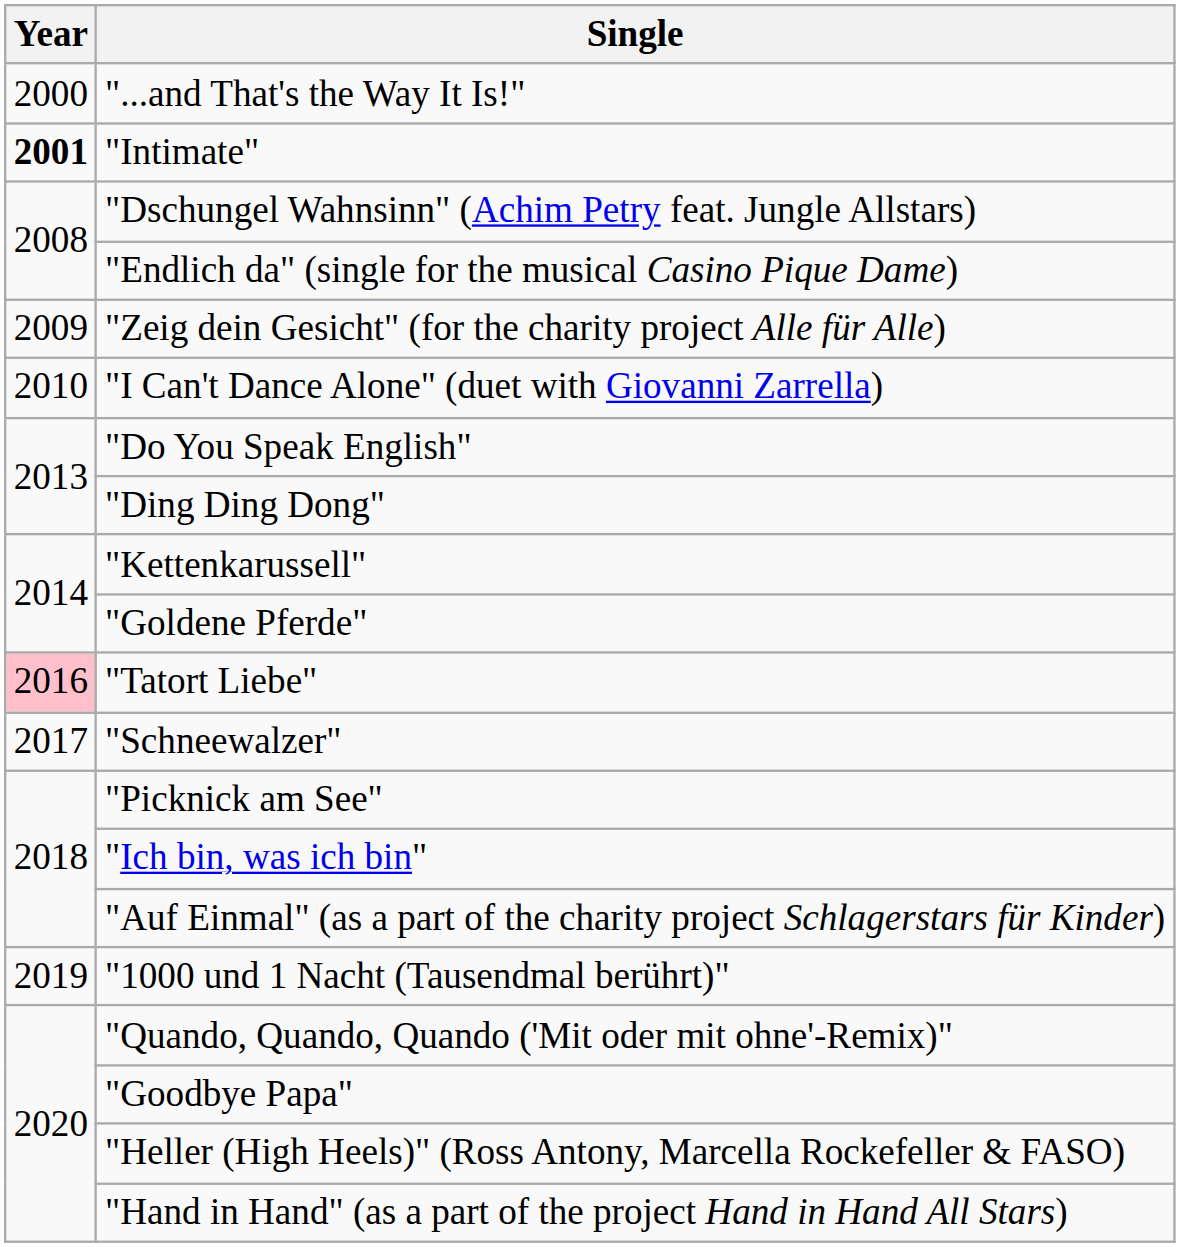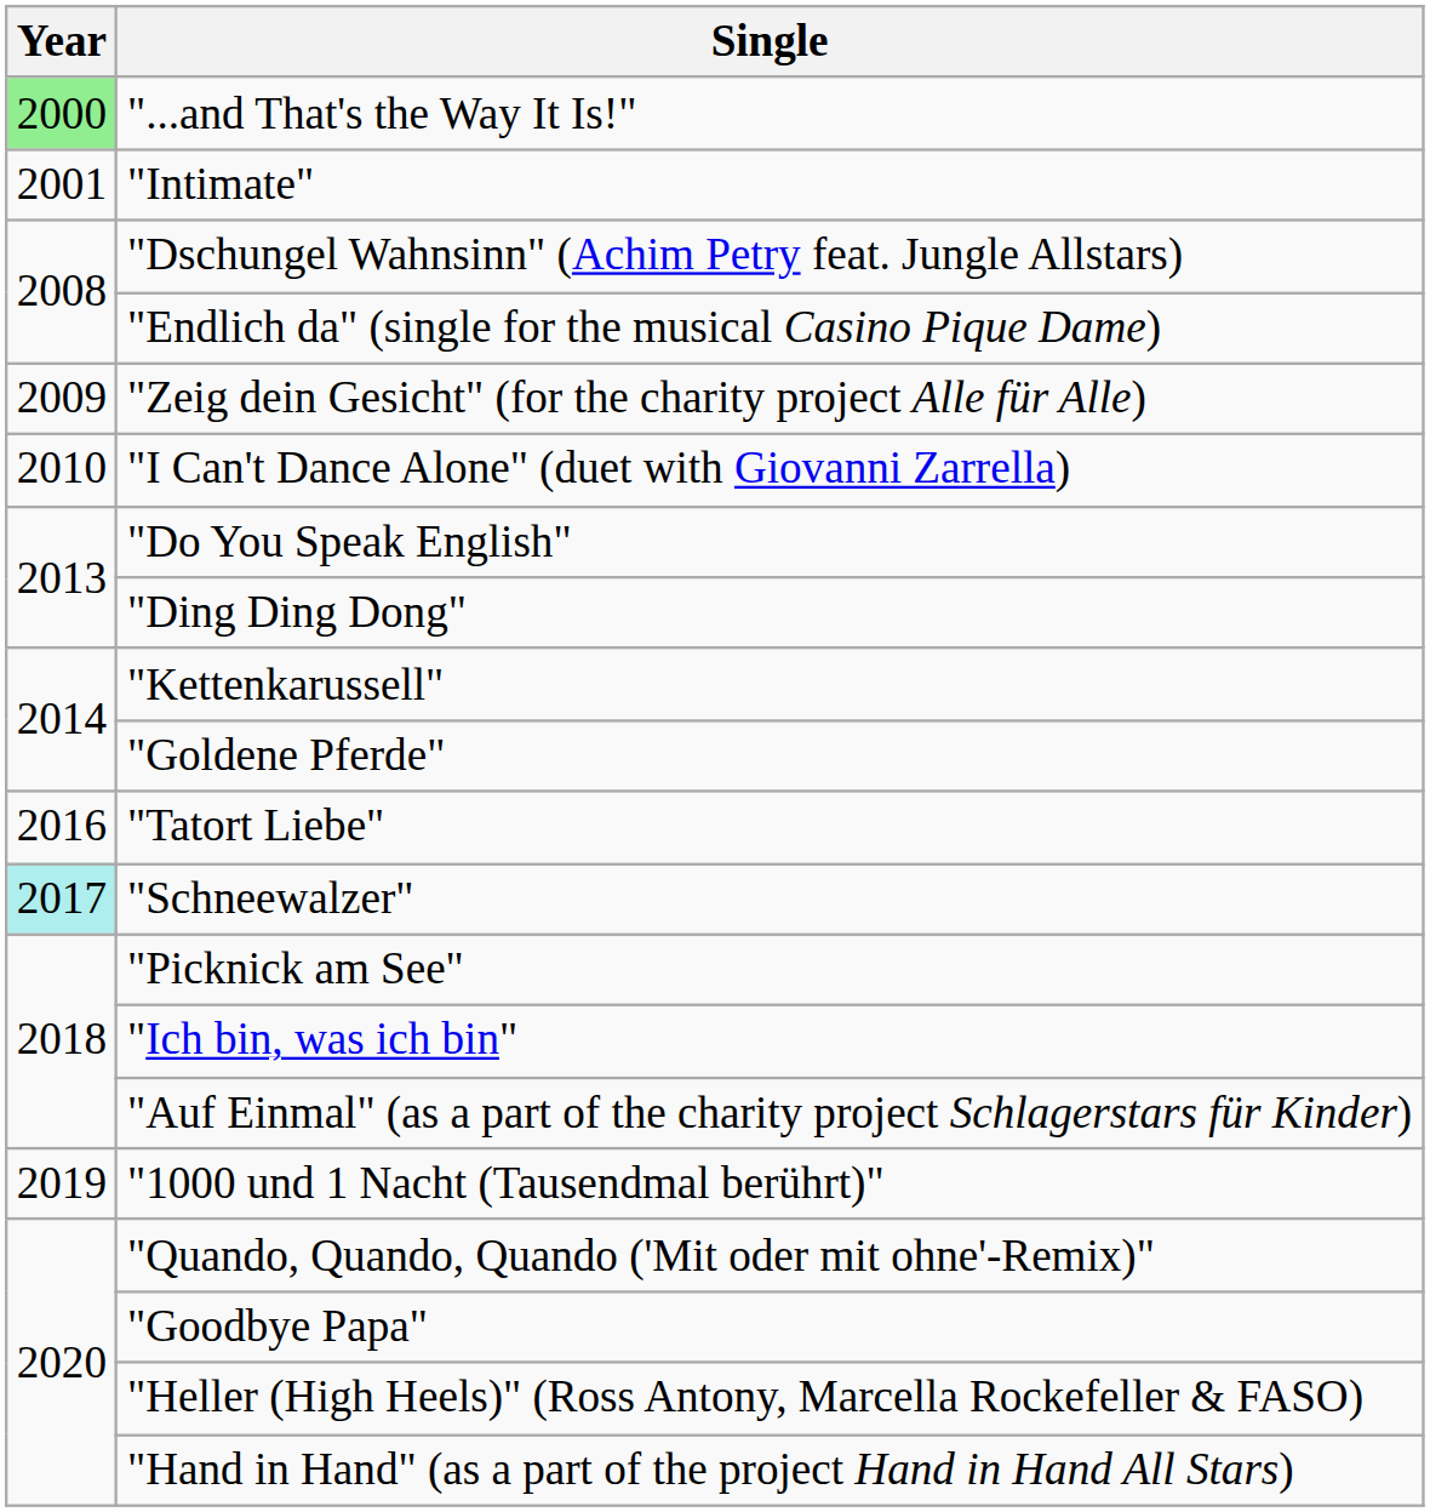 <table class="wikitable" border="1">
 <tr>
 <th>Year</th>
 <th>Single</th>
 </tr>
 <tr>
-<td>2000</td>
+<td style="background: lightgreen;">2000</td>
 <td>"...and That's the Way It Is!"</td>
 </tr>
 <tr>
-<td><strong>2001</strong></td>
+<td>2001</td>
 <td>"Intimate"</td>
 </tr>
 <tr>
 <td rowspan="2">2008</td>
 <td>"Dschungel Wahnsinn" (<a href='#'>Achim Petry</a> feat. Jungle Allstars)</td>
 </tr>
 <tr>
 <td>"Endlich da" (single for the musical <em>Casino Pique Dame</em>)</td>
 </tr>
 <tr>
 <td>2009</td>
 <td>"Zeig dein Gesicht" (for the charity project <em>Alle für Alle</em>)</td>
 </tr>
 <tr>
 <td>2010</td>
 <td>"I Can't Dance Alone" (duet with <a href='#'>Giovanni Zarrella</a>)</td>
 </tr>
 <tr>
 <td rowspan="2">2013</td>
 <td>"Do You Speak English"</td>
 </tr>
 <tr>
 <td>"Ding Ding Dong"</td>
 </tr>
 <tr>
 <td rowspan="2">2014</td>
 <td>"Kettenkarussell"</td>
 </tr>
 <tr>
 <td>"Goldene Pferde"</td>
 </tr>
 <tr>
-<td style="background: pink;">2016</td>
+<td>2016</td>
 <td>"Tatort Liebe"</td>
 </tr>
 <tr>
-<td>2017</td>
+<td style="background: paleturquoise;">2017</td>
 <td>"Schneewalzer"</td>
 </tr>
 <tr>
 <td rowspan="3">2018</td>
 <td>"Picknick am See"</td>
 </tr>
 <tr>
 <td>"<a href='#'>Ich bin, was ich bin</a>"</td>
 </tr>
 <tr>
 <td>"Auf Einmal" (as a part of the charity project <em>Schlagerstars für Kinder</em>)</td>
 </tr>
 <tr>
 <td>2019</td>
 <td>"1000 und 1 Nacht (Tausendmal berührt)"</td>
 </tr>
 <tr>
 <td rowspan="4">2020</td>
 <td>"Quando, Quando, Quando ('Mit oder mit ohne'-Remix)"</td>
 </tr>
 <tr>
 <td>"Goodbye Papa"</td>
 </tr>
 <tr>
 <td>"Heller (High Heels)" (Ross Antony, Marcella Rockefeller & FASO)</td>
 </tr>
 <tr>
 <td>"Hand in Hand" (as a part of the project <em>Hand in Hand All Stars</em>)</td>
 </tr>
 </table>
